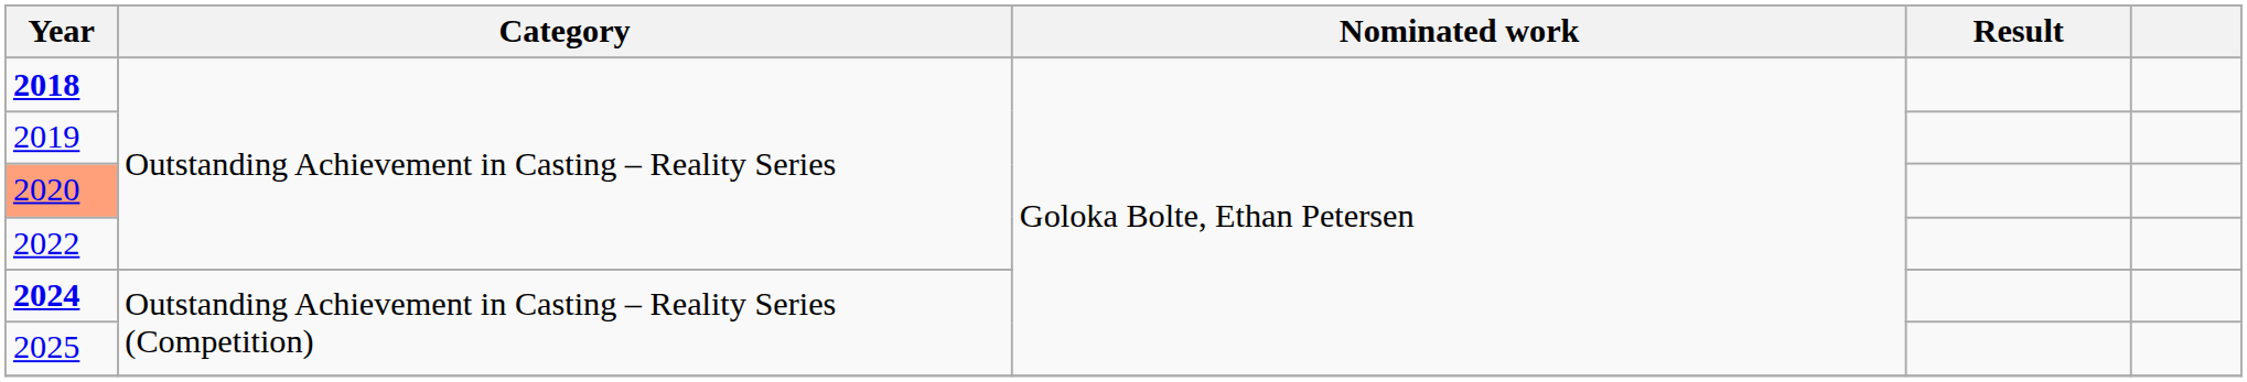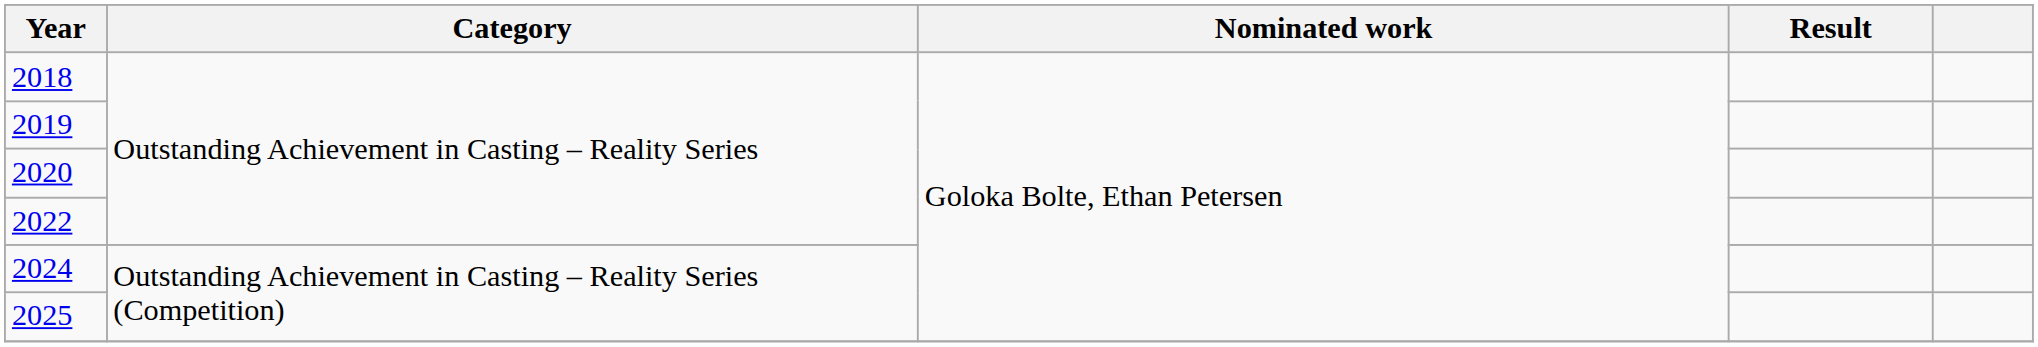 <table class="wikitable" style="width:85%;">
 <tr>
 <th width=5%>Year</th>
 <th style="width:40%;">Category</th>
 <th style="width:40%;">Nominated work</th>
 <th style="width:10%;">Result</th>
 <th width=5%></th>
 </tr>
 <tr>
-<td><strong><a href='#'>2018</a></strong></td>
+<td><a href='#'>2018</a></td>
 <td rowspan="4">Outstanding Achievement in Casting – Reality Series</td>
 <td rowspan="6">Goloka Bolte, Ethan Petersen</td>
 <td></td>
 <td align="center"></td>
 </tr>
 <tr>
 <td><a href='#'>2019</a></td>
 <td></td>
 <td align="center"></td>
 </tr>
 <tr>
-<td style="background: lightsalmon;"><a href='#'>2020</a></td>
+<td><a href='#'>2020</a></td>
 <td></td>
 <td align="center"></td>
 </tr>
 <tr>
 <td><a href='#'>2022</a></td>
 <td></td>
 <td align="center"></td>
 </tr>
 <tr>
-<td><strong><a href='#'>2024</a></strong></td>
+<td><a href='#'>2024</a></td>
 <td rowspan="2">Outstanding Achievement in Casting – Reality Series (Competition)</td>
 <td></td>
 <td align="center"></td>
 </tr>
 <tr>
 <td><a href='#'>2025</a></td>
 <td></td>
 <td align="center"></td>
 </tr>
 <tr>
 </tr>
 </table>
